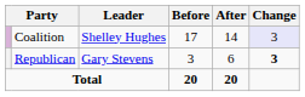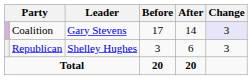 <table class="wikitable" style="text-align:center;">
 <tr>
 <th colspan="2">Party</th>
 <th>Leader</th>
 <th>Before</th>
 <th>After</th>
 <th>Change</th>
 </tr>
 <tr>
 <th style="background-color:#d9b2d9;"></th>
 <td style="text-align:left;">Coalition</td>
-<td style="text-align:left;"><a href='#'>Shelley Hughes</a></td>
+<td style="text-align:left;"><a href='#'>Gary Stevens</a></td>
 <td>17</td>
 <td>14</td>
 <td style="background: lavender;"> 3</td>
 </tr>
 <tr>
 <th style="background-color:"></th>
 <td style="text-align:left;"><a href='#'>Republican</a></td>
-<td style="text-align:left;"><a href='#'>Gary Stevens</a></td>
+<td style="text-align:left;"><a href='#'>Shelley Hughes</a></td>
 <td>3</td>
 <td>6</td>
-<td><strong>3</strong></td>
+<td>3</td>
 </tr>
 <tr>
 <td colspan="3"><strong>Total</strong></td>
 <td><strong>20</strong></td>
 <td><strong>20</strong></td>
 <td></td>
 </tr>
 </table>
